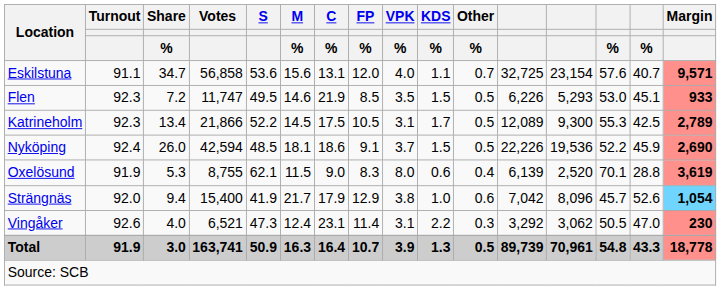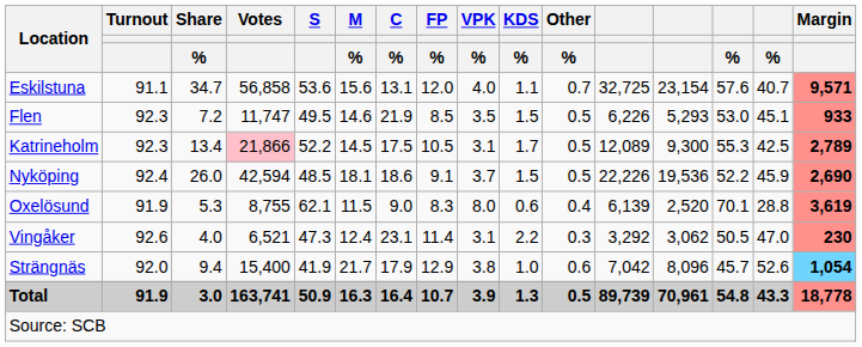 <table class="wikitable sortable" style="text-align:right; font-size:95%; line-height:20px;">
 <tr>
 <th rowspan="3">Location</th>
 <th>Turnout</th>
 <th>Share</th>
 <th>Votes</th>
 <th width="30px" class="unsortable"><a href='#'>S</a></th>
 <th width="30px" class="unsortable"><a href='#'>M</a></th>
 <th width="30px" class="unsortable"><a href='#'>C</a></th>
 <th width="30px" class="unsortable"><a href='#'>FP</a></th>
 <th width="30px" class="unsortable"><a href='#'>VPK</a></th>
 <th width="30px" class="unsortable"><a href='#'>KDS</a></th>
 <th width="30px" class="unsortable">Other</th>
 <th></th>
 <th></th>
 <th></th>
 <th></th>
 <th>Margin</th>
 </tr>
 <tr>
 <th></th>
 <th></th>
 <th></th>
 <th style="background:"></th>
 <th style="background:"></th>
 <th style="background:"></th>
 <th style="background:"></th>
 <th style="background:"></th>
 <th style="background:"></th>
 <th style="background:"></th>
 <th style="background:"></th>
 <th style="background:"></th>
 <th style="background:"></th>
 <th style="background:"></th>
 <th></th>
 </tr>
 <tr>
 <th></th>
 <th data-sort-type="number">%</th>
 <th data-sort-type="number"></th>
 <th></th>
 <th data-sort-type="number">%</th>
 <th data-sort-type="number">%</th>
 <th data-sort-type="number">%</th>
 <th data-sort-type="number">%</th>
 <th data-sort-type="number">%</th>
 <th data-sort-type="number">%</th>
 <th data-sort-type="number"></th>
 <th data-sort-type="number"></th>
 <th data-sort-type="number">%</th>
 <th data-sort-type="number">%</th>
 <th data-sort-type="number"></th>
 </tr>
 <tr>
 <td align=left><a href='#'>Eskilstuna</a></td>
 <td>91.1</td>
 <td>34.7</td>
 <td>56,858</td>
 <td>53.6</td>
 <td>15.6</td>
 <td>13.1</td>
 <td>12.0</td>
 <td>4.0</td>
 <td>1.1</td>
 <td>0.7</td>
 <td>32,725</td>
 <td>23,154</td>
 <td>57.6</td>
 <td>40.7</td>
 <td bgcolor=#ff908c><strong>9,571</strong></td>
 </tr>
 <tr>
 <td align=left><a href='#'>Flen</a></td>
 <td>92.3</td>
 <td>7.2</td>
 <td>11,747</td>
 <td>49.5</td>
 <td>14.6</td>
 <td>21.9</td>
 <td>8.5</td>
 <td>3.5</td>
 <td>1.5</td>
 <td>0.5</td>
 <td>6,226</td>
 <td>5,293</td>
 <td>53.0</td>
 <td>45.1</td>
 <td bgcolor=#ff908c><strong>933</strong></td>
 </tr>
 <tr>
 <td align=left><a href='#'>Katrineholm</a></td>
 <td>92.3</td>
 <td>13.4</td>
-<td>21,866</td>
+<td style="background: pink;">21,866</td>
 <td>52.2</td>
 <td>14.5</td>
 <td>17.5</td>
 <td>10.5</td>
 <td>3.1</td>
 <td>1.7</td>
 <td>0.5</td>
 <td>12,089</td>
 <td>9,300</td>
 <td>55.3</td>
 <td>42.5</td>
 <td bgcolor=#ff908c><strong>2,789</strong></td>
 </tr>
 <tr>
 <td align=left><a href='#'>Nyköping</a></td>
 <td>92.4</td>
 <td>26.0</td>
 <td>42,594</td>
 <td>48.5</td>
 <td>18.1</td>
 <td>18.6</td>
 <td>9.1</td>
 <td>3.7</td>
 <td>1.5</td>
 <td>0.5</td>
 <td>22,226</td>
 <td>19,536</td>
 <td>52.2</td>
 <td>45.9</td>
 <td bgcolor=#ff908c><strong>2,690</strong></td>
 </tr>
 <tr>
 <td align=left><a href='#'>Oxelösund</a></td>
 <td>91.9</td>
 <td>5.3</td>
 <td>8,755</td>
 <td>62.1</td>
 <td>11.5</td>
 <td>9.0</td>
 <td>8.3</td>
 <td>8.0</td>
 <td>0.6</td>
 <td>0.4</td>
 <td>6,139</td>
 <td>2,520</td>
 <td>70.1</td>
 <td>28.8</td>
 <td bgcolor=#ff908c><strong>3,619</strong></td>
 </tr>
 <tr>
+<td align=left><a href='#'>Vingåker</a></td>
+<td>92.6</td>
+<td>4.0</td>
+<td>6,521</td>
+<td>47.3</td>
+<td>12.4</td>
+<td>23.1</td>
+<td>11.4</td>
+<td>3.1</td>
+<td>2.2</td>
+<td>0.3</td>
+<td>3,292</td>
+<td>3,062</td>
+<td>50.5</td>
+<td>47.0</td>
+<td bgcolor=#ff908c><strong>230</strong></td>
+</tr>
+<tr>
 <td align=left><a href='#'>Strängnäs</a></td>
 <td>92.0</td>
 <td>9.4</td>
 <td>15,400</td>
 <td>41.9</td>
 <td>21.7</td>
 <td>17.9</td>
 <td>12.9</td>
 <td>3.8</td>
 <td>1.0</td>
 <td>0.6</td>
 <td>7,042</td>
 <td>8,096</td>
 <td>45.7</td>
 <td>52.6</td>
 <td bgcolor=#6fd5fe><strong>1,054</strong></td>
-</tr>
-<tr>
-<td align=left><a href='#'>Vingåker</a></td>
-<td>92.6</td>
-<td>4.0</td>
-<td>6,521</td>
-<td>47.3</td>
-<td>12.4</td>
-<td>23.1</td>
-<td>11.4</td>
-<td>3.1</td>
-<td>2.2</td>
-<td>0.3</td>
-<td>3,292</td>
-<td>3,062</td>
-<td>50.5</td>
-<td>47.0</td>
-<td bgcolor=#ff908c><strong>230</strong></td>
 </tr>
 <tr>
 </tr>
 <tr style="background:#CDCDCD;">
 <td align=left><strong>Total</strong></td>
 <td><strong>91.9</strong></td>
 <td><strong>3.0</strong></td>
 <td><strong>163,741</strong></td>
 <td><strong>50.9</strong></td>
 <td><strong>16.3</strong></td>
 <td><strong>16.4</strong></td>
 <td><strong>10.7</strong></td>
 <td><strong>3.9</strong></td>
 <td><strong>1.3</strong></td>
 <td><strong>0.5</strong></td>
 <td><strong>89,739</strong></td>
 <td><strong>70,961</strong></td>
 <td><strong>54.8</strong></td>
 <td><strong>43.3</strong></td>
 <td bgcolor=#ff908c><strong>18,778</strong></td>
 </tr>
 <tr>
 <td align=left colspan=16>Source: SCB </td>
 </tr>
 </table>
